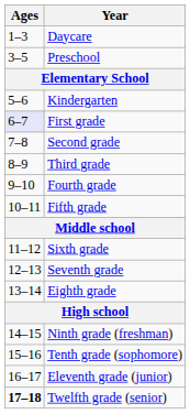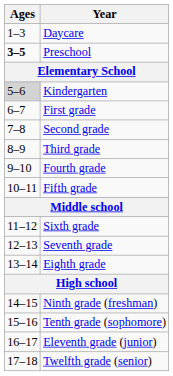 <table class="wikitable floatright">
 <tr>
 <th>Ages</th>
 <th>Year</th>
 </tr>
 <tr>
 <td>1–3</td>
 <td><a href='#'>Daycare</a></td>
 </tr>
 <tr>
-<td>3–5</td>
+<td><strong>3–5</strong></td>
 <td><a href='#'>Preschool</a></td>
 </tr>
 <tr>
 <th colspan="2"><a href='#'>Elementary School</a></th>
 </tr>
 <tr>
-<td>5–6</td>
+<td style="background: lightgrey;">5–6</td>
 <td><a href='#'>Kindergarten</a></td>
 </tr>
 <tr>
-<td style="background: lavender;">6–7</td>
+<td>6–7</td>
 <td><a href='#'>First grade</a></td>
 </tr>
 <tr>
 <td>7–8</td>
 <td><a href='#'>Second grade</a></td>
 </tr>
 <tr>
 <td>8–9</td>
 <td><a href='#'>Third grade</a></td>
 </tr>
 <tr>
 <td>9–10</td>
 <td><a href='#'>Fourth grade</a></td>
 </tr>
 <tr>
 <td>10–11</td>
 <td><a href='#'>Fifth grade</a></td>
 </tr>
 <tr>
 <th colspan="2"><a href='#'>Middle school</a></th>
 </tr>
 <tr>
 <td>11–12</td>
 <td><a href='#'>Sixth grade</a></td>
 </tr>
 <tr>
 <td>12–13</td>
 <td><a href='#'>Seventh grade</a></td>
 </tr>
 <tr>
 <td>13–14</td>
 <td><a href='#'>Eighth grade</a></td>
 </tr>
 <tr>
 <th colspan="2"><a href='#'>High school</a></th>
 </tr>
 <tr>
 <td>14–15</td>
 <td><a href='#'>Ninth grade</a> (<a href='#'>freshman</a>)</td>
 </tr>
 <tr>
 <td>15–16</td>
 <td><a href='#'>Tenth grade</a> (<a href='#'>sophomore</a>)</td>
 </tr>
 <tr>
 <td>16–17</td>
 <td><a href='#'>Eleventh grade</a> (<a href='#'>junior</a>)</td>
 </tr>
 <tr>
-<td><strong>17–18</strong></td>
+<td>17–18</td>
 <td><a href='#'>Twelfth grade</a> (<a href='#'>senior</a>)</td>
 </tr>
 </table>
